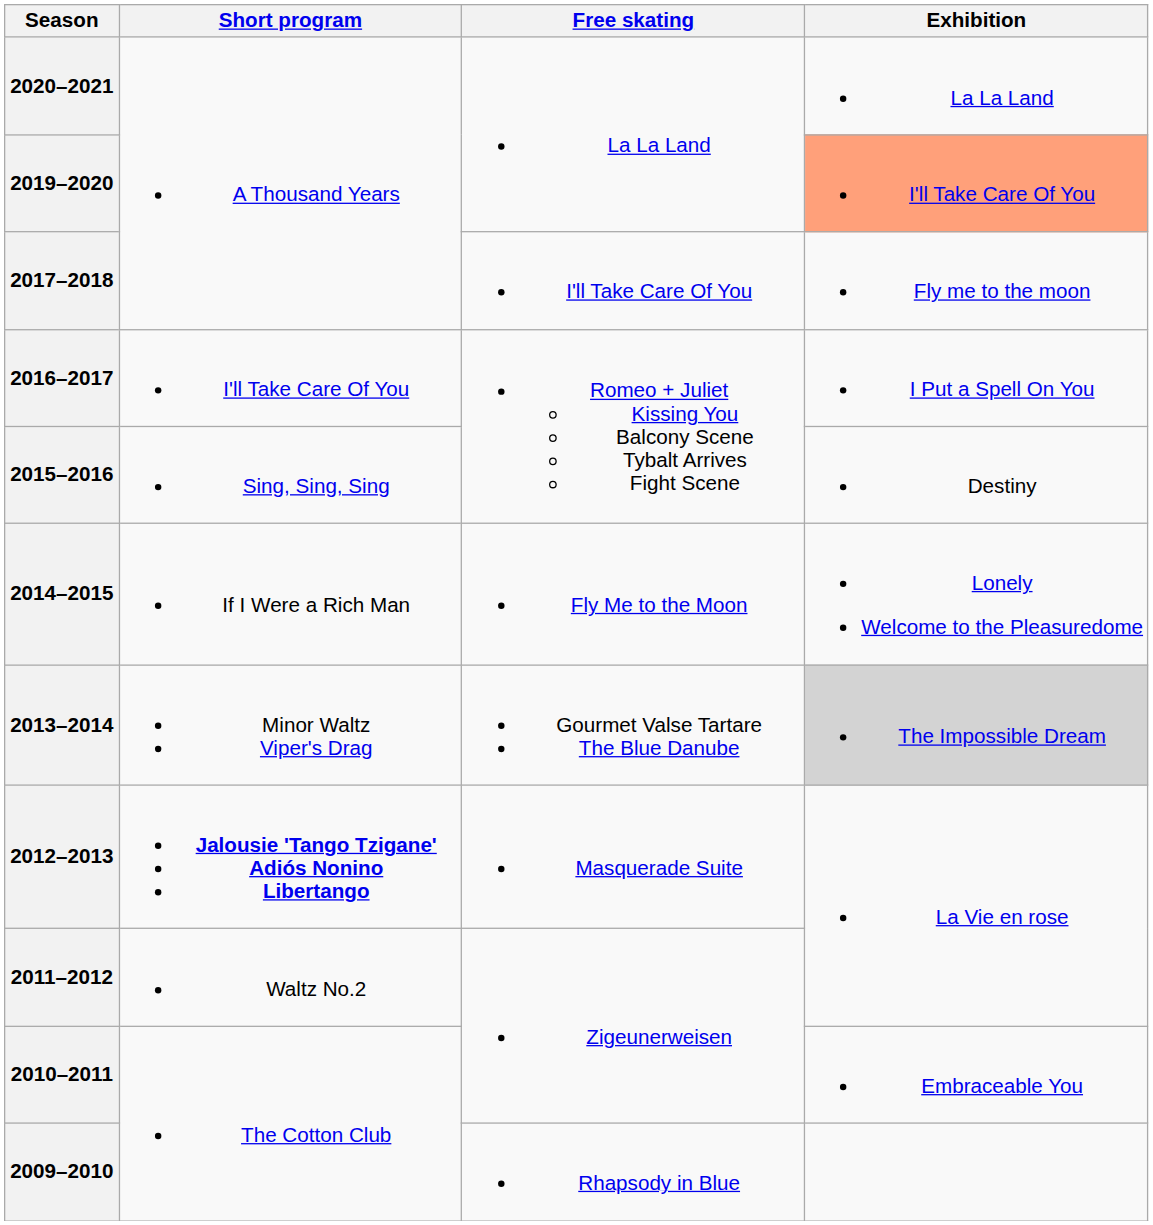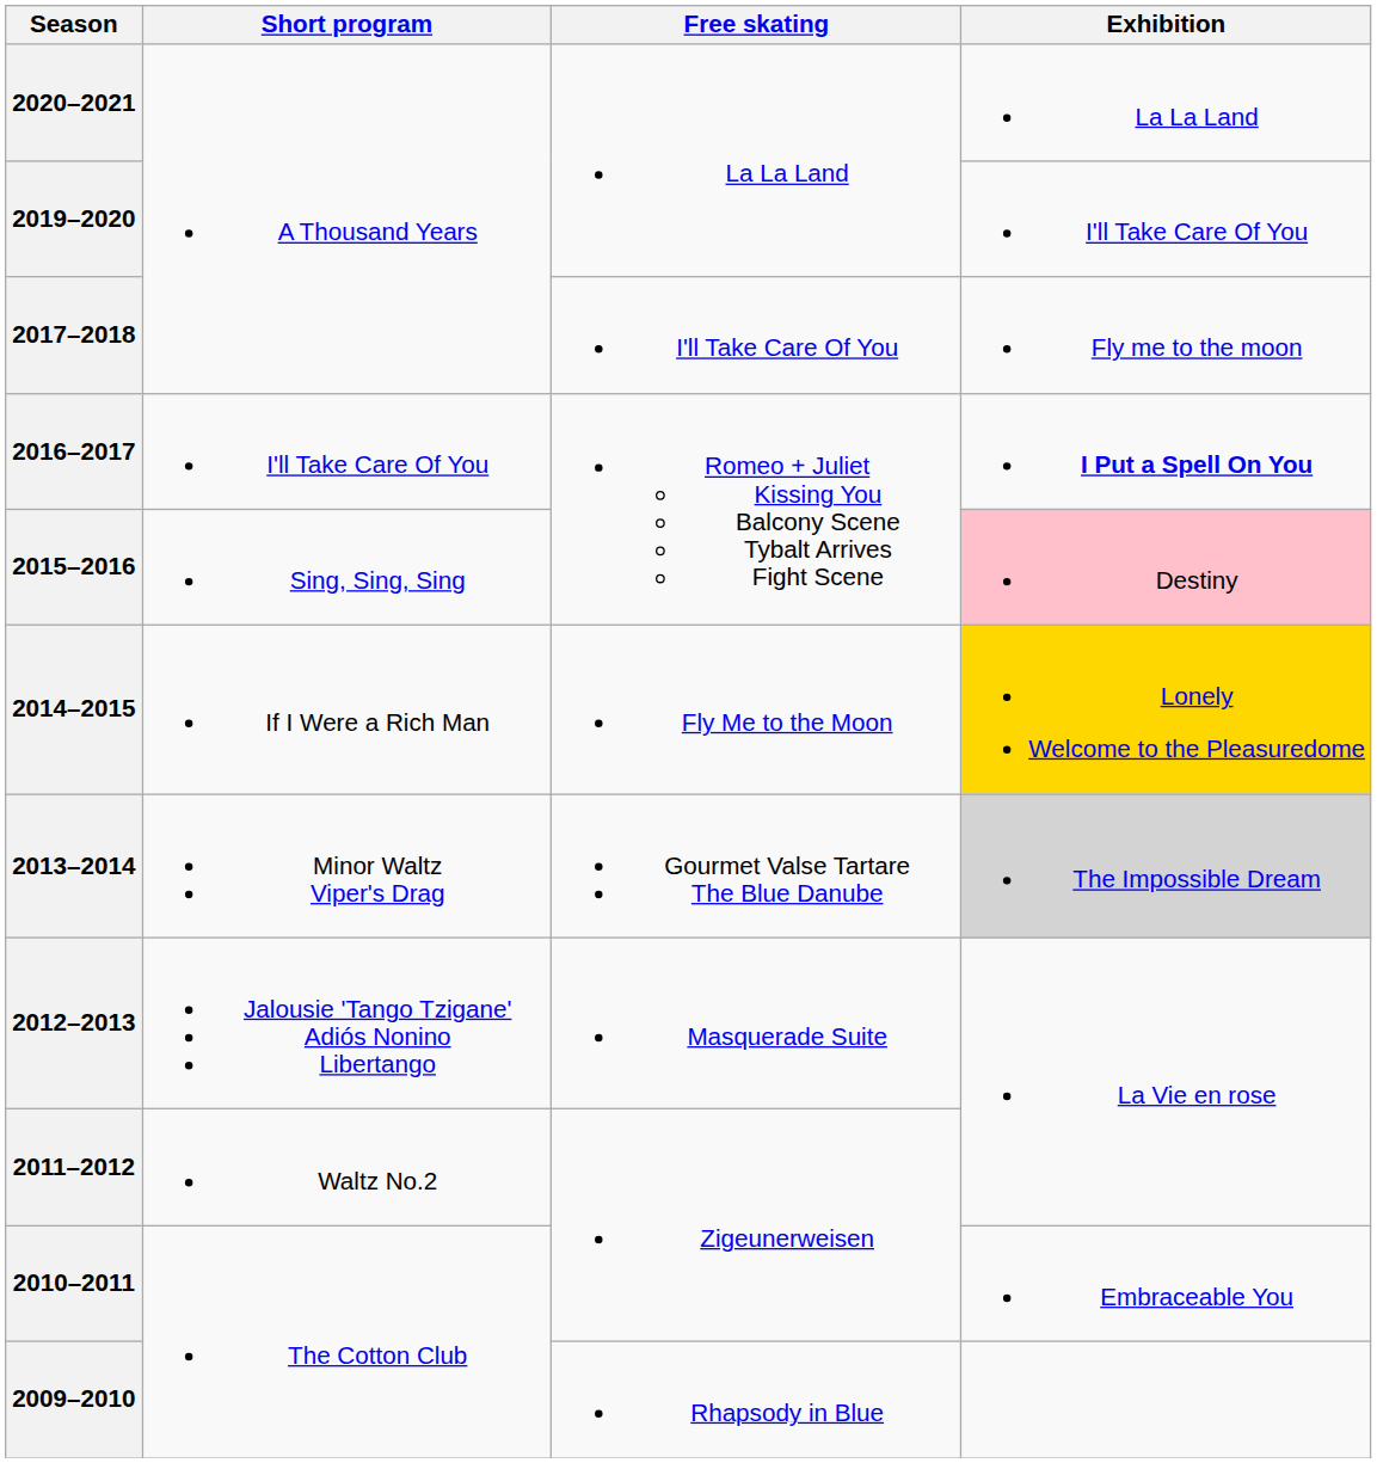 <table class="wikitable" style="text-align:center">
 <tr>
 <th width="10%">Season</th>
 <th width="30%"><a href='#'>Short program</a></th>
 <th width="30%"><a href='#'>Free skating</a></th>
 <th width="30%">Exhibition</th>
 </tr>
 <tr>
 <th>2020–2021 <br> </th>
 <td rowspan=3><br><ul><li><a href='#'>A Thousand Years</a> <br> </li></ul></td>
 <td rowspan=2><br><ul><li><a href='#'>La La Land</a> <br></li></ul></td>
 <td><br><ul><li><a href='#'>La La Land</a> <br></li></ul></td>
 </tr>
 <tr>
 <th>2019–2020 <br> </th>
-<td style="background: lightsalmon;"><br><ul><li><a href='#'>I'll Take Care Of You</a> <br></li></ul></td>
+<td><br><ul><li><a href='#'>I'll Take Care Of You</a> <br></li></ul></td>
 </tr>
 <tr>
 <th>2017–2018 <br> </th>
 <td><br><ul><li><a href='#'>I'll Take Care Of You</a> <br></li></ul></td>
 <td><br><ul><li><a href='#'>Fly me to the moon</a> <br></li></ul></td>
 </tr>
 <tr>
 <th>2016–2017 <br> </th>
 <td><br><ul><li><a href='#'>I'll Take Care Of You</a> <br></li></ul></td>
 <td rowspan=2><br><ul><li><a href='#'>Romeo + Juliet</a> <br><ul><li><a href='#'>Kissing You</a> <br></li><li>Balcony Scene</li><li>Tybalt Arrives</li><li>Fight Scene <br></li></ul></li></ul></td>
-<td><br><ul><li><a href='#'>I Put a Spell On You</a><br></li></ul></td>
+<td><strong><br><ul><li><a href='#'>I Put a Spell On You</a><br></li></ul></strong></td>
 </tr>
 <tr>
 <th>2015–2016 <br> </th>
 <td><br><ul><li><a href='#'>Sing, Sing, Sing</a> <br></li></ul></td>
-<td><br><ul><li>Destiny <br></li></ul></td>
+<td style="background: pink;"><br><ul><li>Destiny <br></li></ul></td>
 </tr>
 <tr>
 <th>2014–2015 <br> </th>
 <td><br><ul><li>If I Were a Rich Man <br></li></ul></td>
 <td><br><ul><li><a href='#'>Fly Me to the Moon</a> <br></li></ul></td>
-<td><br><ul><li><a href='#'>Lonely</a> <br></li></ul><ul><li><a href='#'>Welcome to the Pleasuredome</a> <br></li></ul></td>
+<td style="background: gold;"><br><ul><li><a href='#'>Lonely</a> <br></li></ul><ul><li><a href='#'>Welcome to the Pleasuredome</a> <br></li></ul></td>
 </tr>
 <tr>
 <th>2013–2014 <br> </th>
 <td><br><ul><li>Minor Waltz <br></li><li><a href='#'>Viper's Drag</a> <br></li></ul></td>
 <td><br><ul><li>Gourmet Valse Tartare <br></li><li><a href='#'>The Blue Danube</a> <br></li></ul></td>
 <td style="background: lightgrey;"><br><ul><li><a href='#'>The Impossible Dream</a> <br></li></ul></td>
 </tr>
 <tr>
 <th>2012–2013 <br> </th>
-<td><strong><br><ul><li><a href='#'>Jalousie 'Tango Tzigane'</a> <br></li><li><a href='#'>Adiós Nonino</a> <br></li><li><a href='#'>Libertango</a> <br></li></ul></strong></td>
+<td><br><ul><li><a href='#'>Jalousie 'Tango Tzigane'</a> <br></li><li><a href='#'>Adiós Nonino</a> <br></li><li><a href='#'>Libertango</a> <br></li></ul></td>
 <td><br><ul><li><a href='#'>Masquerade Suite</a> <br></li></ul></td>
 <td rowspan=2><br><ul><li><a href='#'>La Vie en rose</a> <br></li></ul></td>
 </tr>
 <tr>
 <th>2011–2012 <br> </th>
 <td><br><ul><li>Waltz No.2 <br></li></ul></td>
 <td rowspan=2><br><ul><li><a href='#'>Zigeunerweisen</a> <br></li></ul></td>
 </tr>
 <tr>
 <th>2010–2011 <br> </th>
 <td rowspan=2><br><ul><li><a href='#'>The Cotton Club</a> <br></li></ul></td>
 <td><br><ul><li><a href='#'>Embraceable You</a> <br></li></ul></td>
 </tr>
 <tr>
 <th>2009–2010</th>
 <td><br><ul><li><a href='#'>Rhapsody in Blue</a> <br></li></ul></td>
 <td></td>
 </tr>
 </table>
